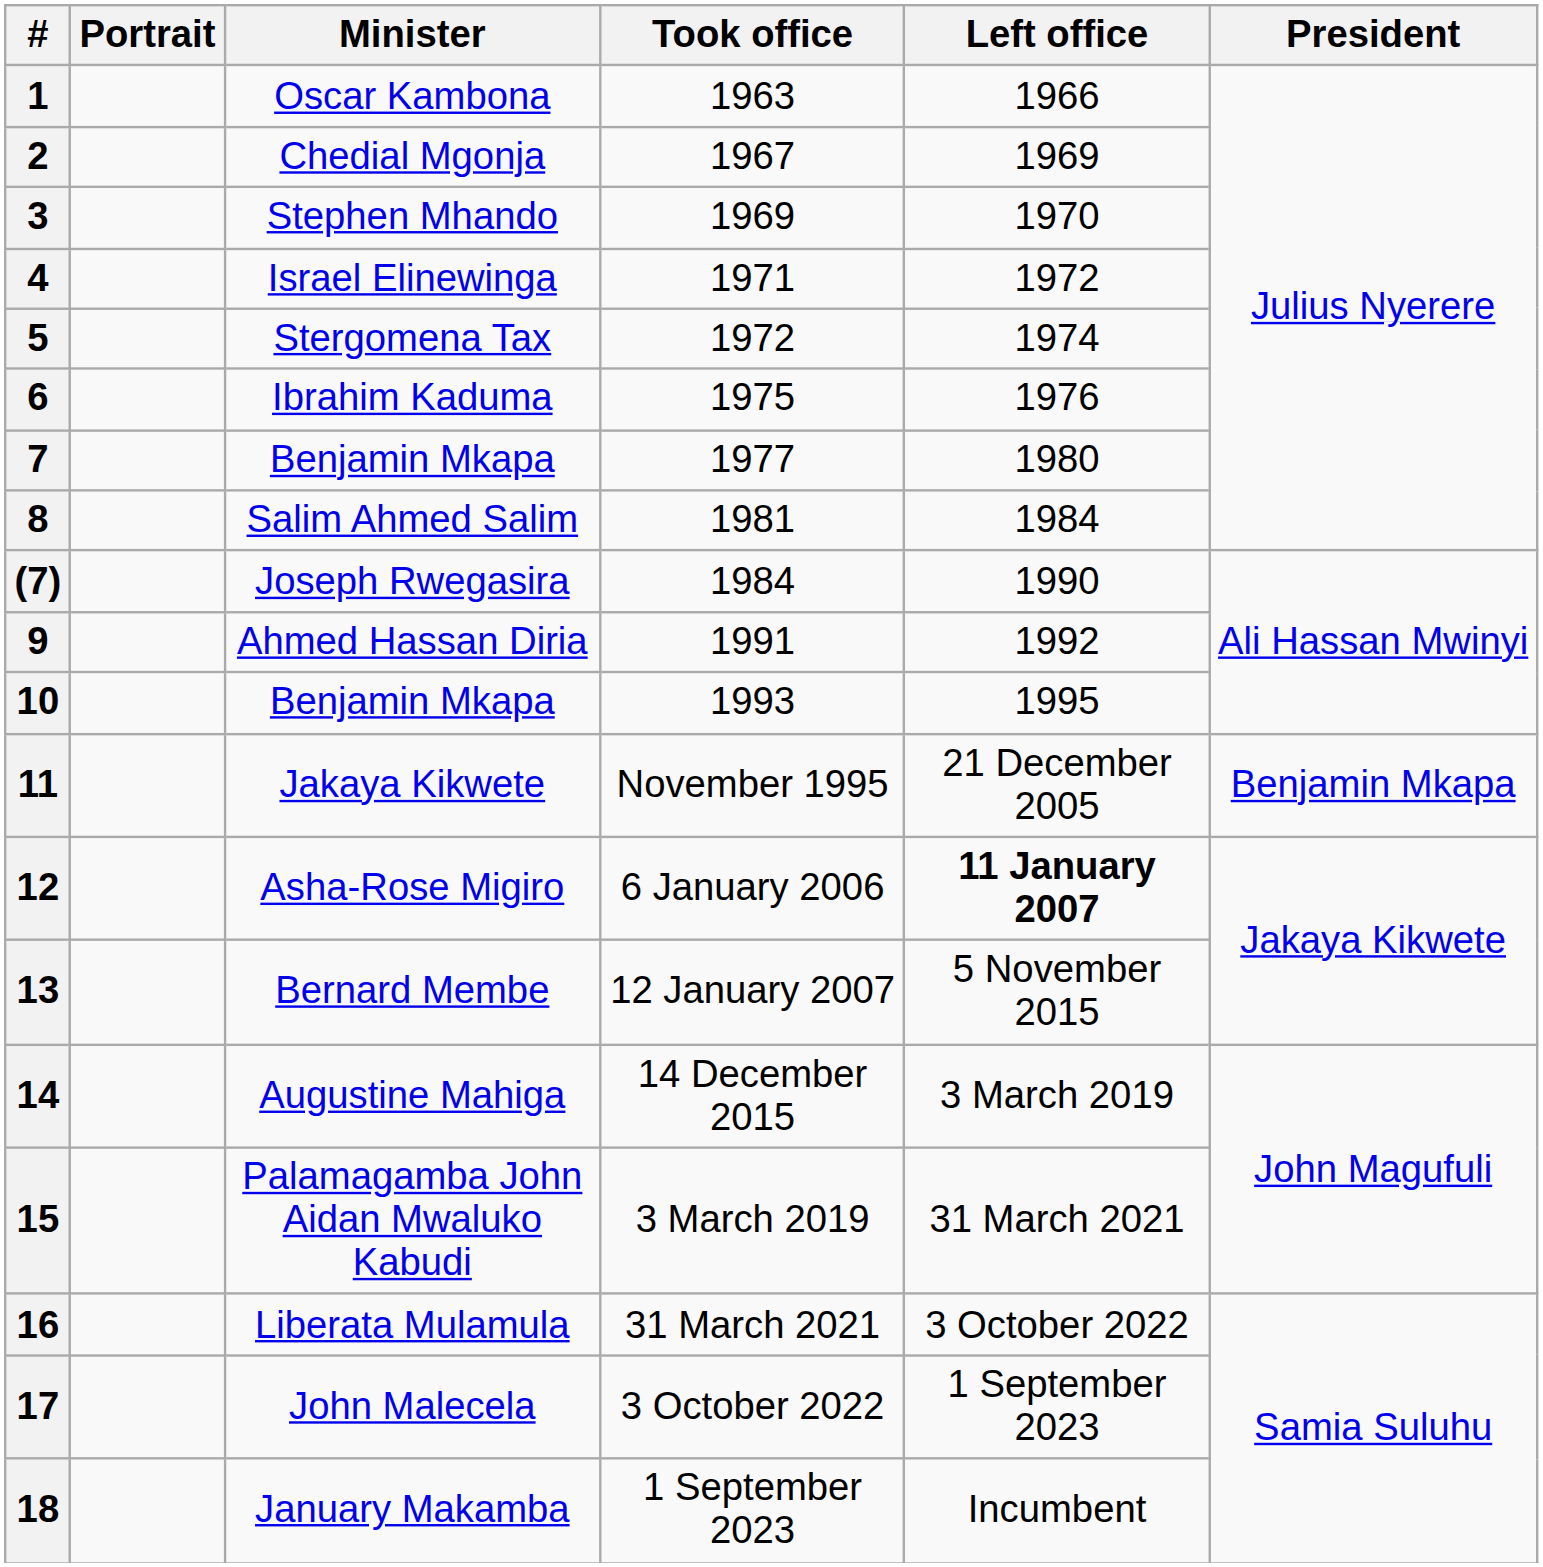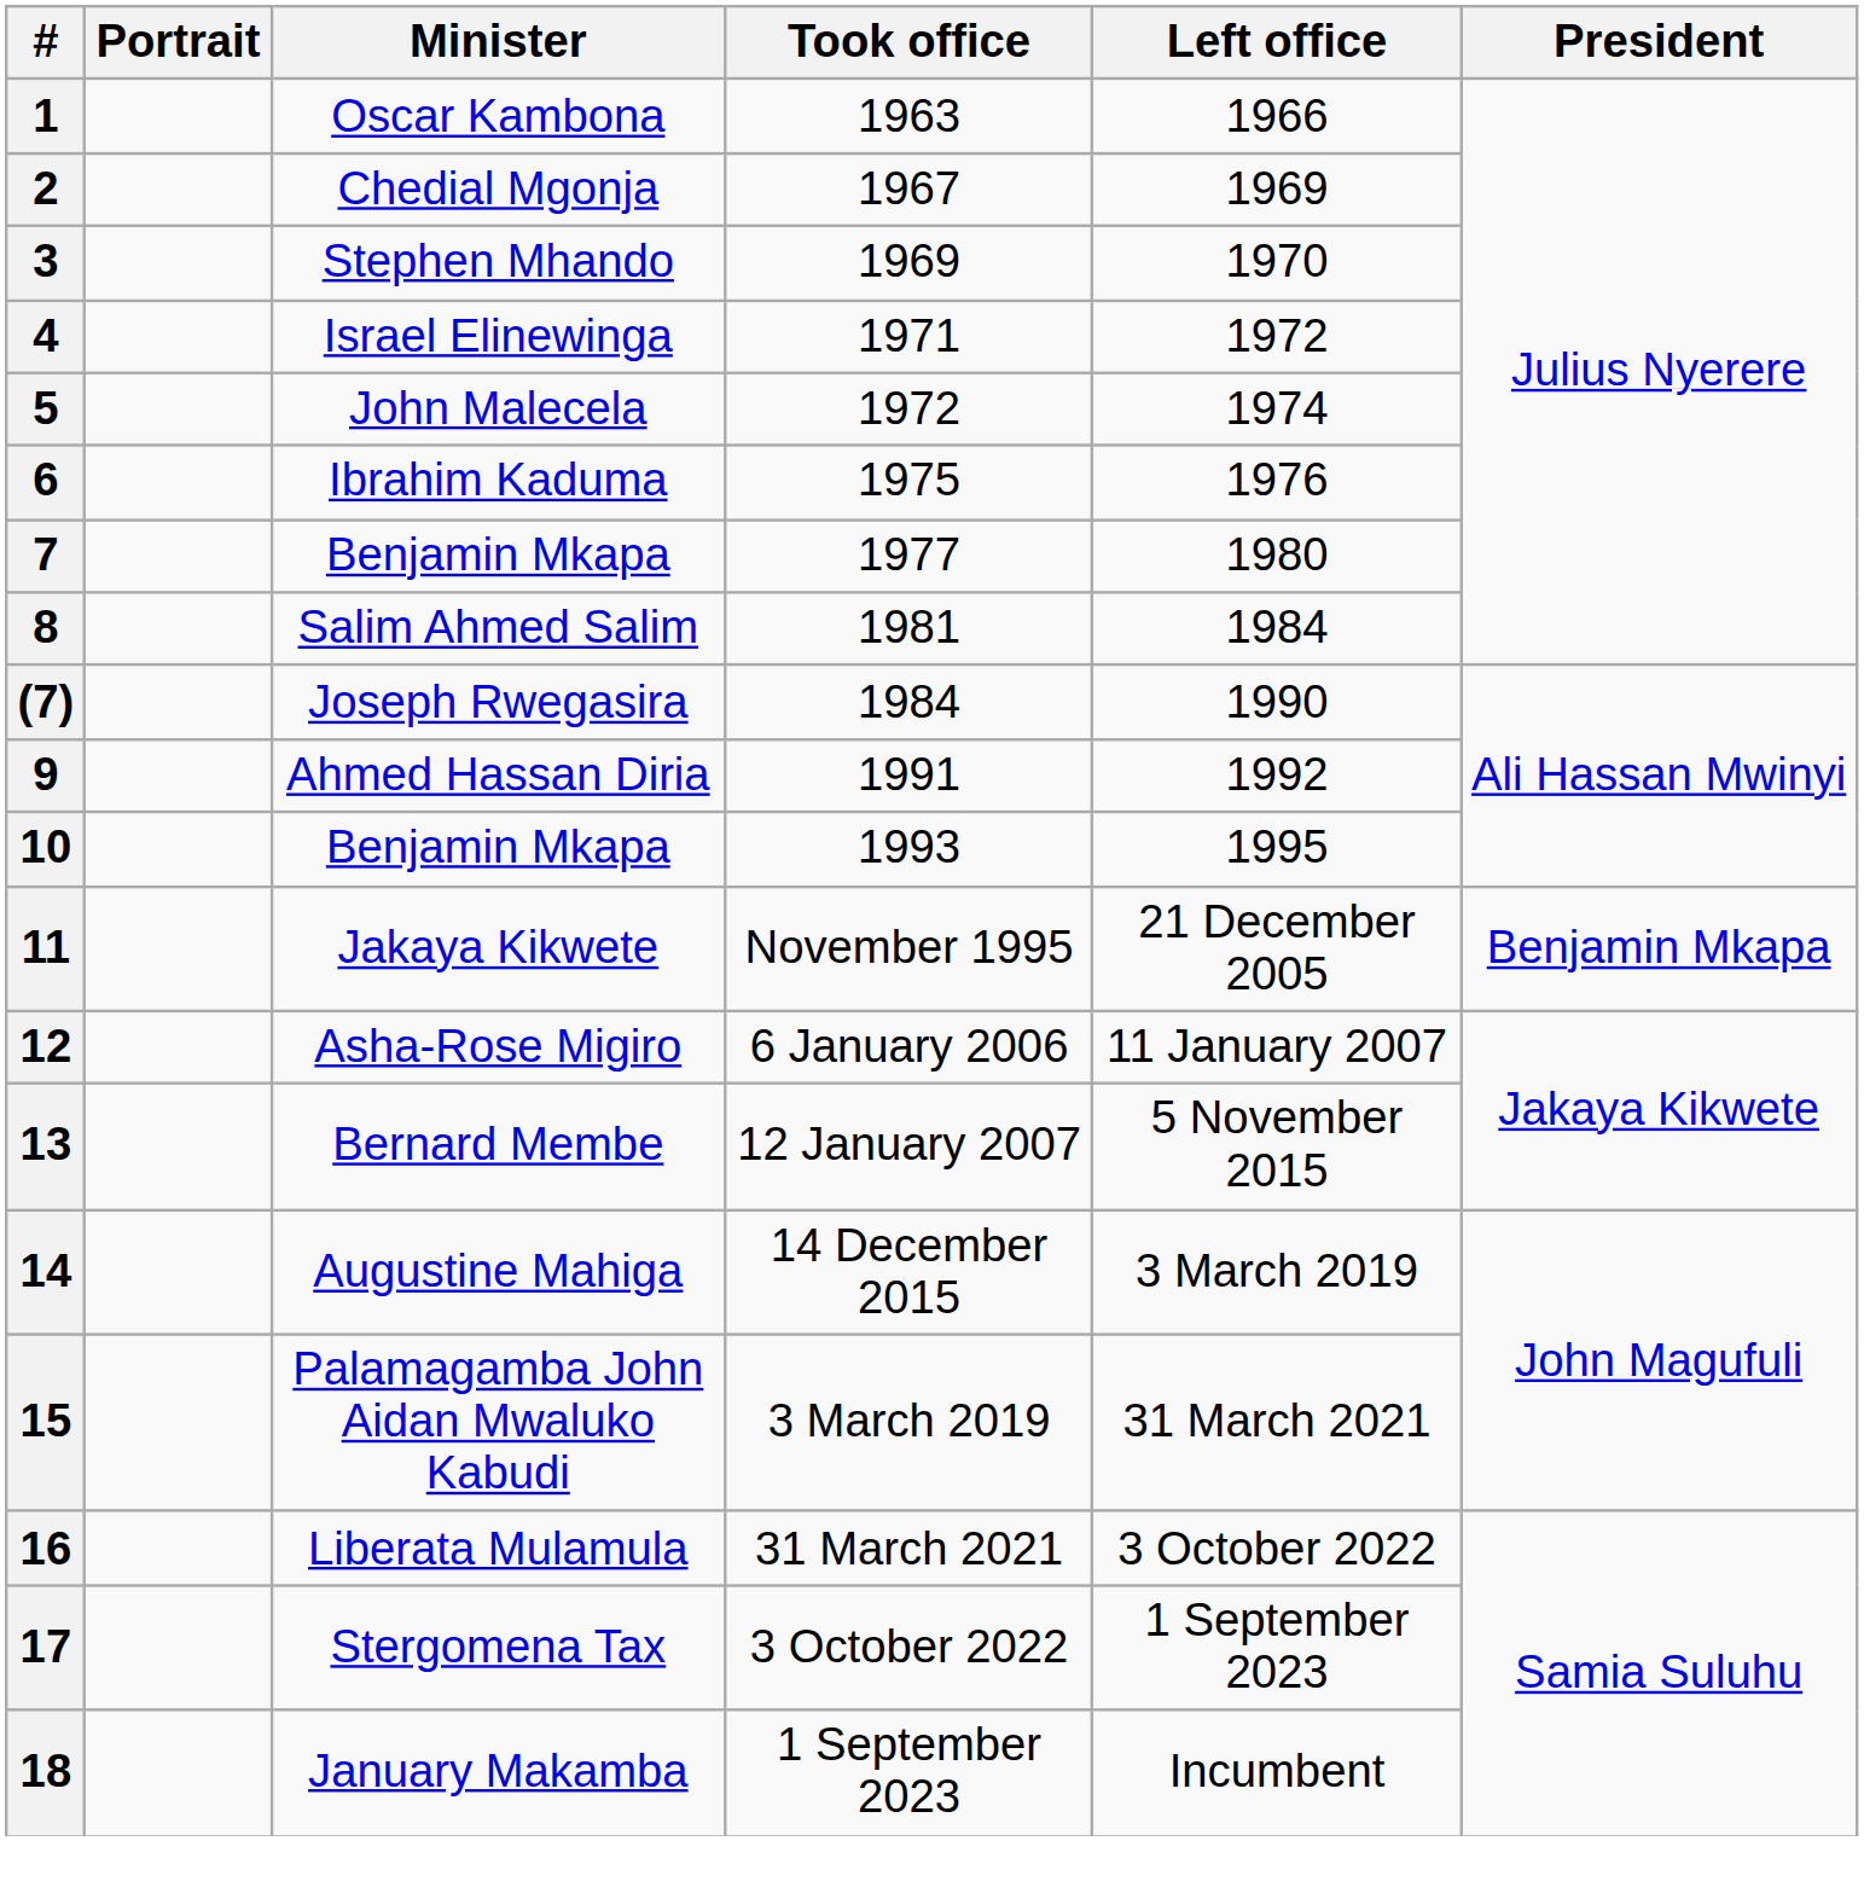 <table class="wikitable" style="text-align:center">
 <tr>
 <th width="20px">#</th>
 <th>Portrait</th>
 <th width="150px">Minister</th>
 <th width="120px">Took office</th>
 <th width="120px">Left office</th>
 <th>President</th>
 </tr>
 <tr>
 <th style="background:">1</th>
 <td></td>
 <td><a href='#'>Oscar Kambona</a></td>
 <td>1963</td>
 <td>1966</td>
 <td rowspan="8"><a href='#'>Julius Nyerere</a></td>
 </tr>
 <tr>
 <th style="background:">2</th>
 <td></td>
 <td><a href='#'>Chedial Mgonja</a></td>
 <td>1967</td>
 <td>1969</td>
 </tr>
 <tr>
 <th style="background:">3</th>
 <td></td>
 <td><a href='#'>Stephen Mhando</a></td>
 <td>1969</td>
 <td>1970</td>
 </tr>
 <tr>
 <th style="background:">4</th>
 <td></td>
 <td><a href='#'>Israel Elinewinga</a></td>
 <td>1971</td>
 <td>1972</td>
 </tr>
 <tr>
 <th style="background:">5</th>
 <td></td>
-<td><a href='#'>Stergomena Tax</a></td>
+<td><a href='#'>John Malecela</a></td>
 <td>1972</td>
 <td>1974</td>
 </tr>
 <tr>
 <th style="background:">6</th>
 <td></td>
 <td><a href='#'>Ibrahim Kaduma</a></td>
 <td>1975</td>
 <td>1976</td>
 </tr>
 <tr>
 <th style="background:">7</th>
 <td></td>
 <td><a href='#'>Benjamin Mkapa</a></td>
 <td>1977</td>
 <td>1980</td>
 </tr>
 <tr>
 <th style="background:">8</th>
 <td></td>
 <td><a href='#'>Salim Ahmed Salim</a></td>
 <td>1981</td>
 <td>1984</td>
 </tr>
 <tr>
 <th style="background:">(7)</th>
 <td></td>
 <td><a href='#'>Joseph Rwegasira</a></td>
 <td>1984</td>
 <td>1990</td>
 <td rowspan="3"><a href='#'>Ali Hassan Mwinyi</a></td>
 </tr>
 <tr>
 <th style="background:">9</th>
 <td></td>
 <td><a href='#'>Ahmed Hassan Diria</a></td>
 <td>1991</td>
 <td>1992</td>
 </tr>
 <tr>
 <th style="background:">10</th>
 <td></td>
 <td><a href='#'>Benjamin Mkapa</a></td>
 <td>1993</td>
 <td>1995</td>
 </tr>
 <tr>
 <th style="background:">11</th>
 <td></td>
 <td><a href='#'>Jakaya Kikwete</a></td>
 <td>November 1995</td>
 <td>21 December 2005</td>
 <td><a href='#'>Benjamin Mkapa</a></td>
 </tr>
 <tr>
 <th style="background:">12</th>
 <td></td>
 <td><a href='#'>Asha-Rose Migiro</a></td>
 <td>6 January 2006</td>
-<td><strong>11 January 2007</strong></td>
+<td>11 January 2007</td>
 <td rowspan="2"><a href='#'>Jakaya Kikwete</a></td>
 </tr>
 <tr>
 <th style="background:">13</th>
 <td></td>
 <td><a href='#'>Bernard Membe</a></td>
 <td>12 January 2007</td>
 <td>5 November 2015</td>
 </tr>
 <tr>
 <th style="background:">14</th>
 <td></td>
 <td><a href='#'>Augustine Mahiga</a></td>
 <td>14 December 2015</td>
 <td>3 March 2019</td>
 <td rowspan="2"><a href='#'>John Magufuli</a></td>
 </tr>
 <tr>
 <th style="background:">15</th>
 <td></td>
 <td><a href='#'>Palamagamba John Aidan Mwaluko Kabudi</a></td>
 <td>3 March 2019</td>
 <td>31 March 2021</td>
 </tr>
 <tr>
 <th style="background:">16</th>
 <td></td>
 <td><a href='#'>Liberata Mulamula</a></td>
 <td>31 March 2021</td>
 <td>3 October 2022</td>
 <td rowspan="3"><a href='#'>Samia Suluhu</a></td>
 </tr>
 <tr>
 <th style="background:">17</th>
 <td></td>
-<td><a href='#'>John Malecela</a></td>
+<td><a href='#'>Stergomena Tax</a></td>
 <td>3 October 2022</td>
 <td>1 September 2023</td>
 </tr>
 <tr>
 <th style="background:">18</th>
 <td></td>
 <td><a href='#'>January Makamba</a></td>
 <td>1 September 2023</td>
 <td>Incumbent</td>
 </tr>
 </table>
